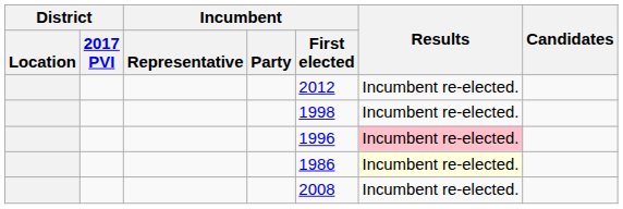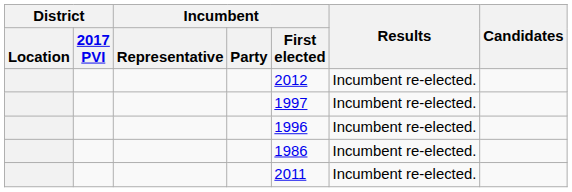 <table class="wikitable sortable">
 <tr>
 <th colspan=2>District</th>
 <th colspan=3>Incumbent</th>
 <th rowspan=2>Results</th>
 <th rowspan=2>Candidates</th>
 </tr>
 <tr valign=bottom>
 <th>Location</th>
 <th><a href='#'>2017<br>PVI</a></th>
 <th>Representative</th>
 <th>Party</th>
 <th>First<br>elected</th>
 </tr>
 <tr>
 <th></th>
 <td></td>
 <td></td>
 <td></td>
 <td><a href='#'>2012 </a></td>
 <td>Incumbent re-elected.</td>
 <td nowrap></td>
 </tr>
 <tr>
 <th></th>
 <td></td>
 <td></td>
 <td></td>
-<td><a href='#'>1998</a></td>
+<td><a href='#'>1997</a></td>
 <td>Incumbent re-elected.</td>
 <td nowrap></td>
 </tr>
 <tr>
 <th></th>
 <td></td>
 <td></td>
 <td></td>
 <td><a href='#'>1996</a></td>
-<td style="background: pink;">Incumbent re-elected.</td>
+<td>Incumbent re-elected.</td>
 <td nowrap></td>
 </tr>
 <tr>
 <th></th>
 <td></td>
 <td></td>
 <td></td>
 <td><a href='#'>1986</a></td>
-<td style="background: lightyellow;">Incumbent re-elected.</td>
+<td>Incumbent re-elected.</td>
 <td nowrap></td>
 </tr>
 <tr>
 <th></th>
 <td></td>
 <td></td>
 <td></td>
-<td><a href='#'>2008</a></td>
+<td><a href='#'>2011</a></td>
 <td>Incumbent re-elected.</td>
 <td nowrap></td>
 </tr>
 </table>
